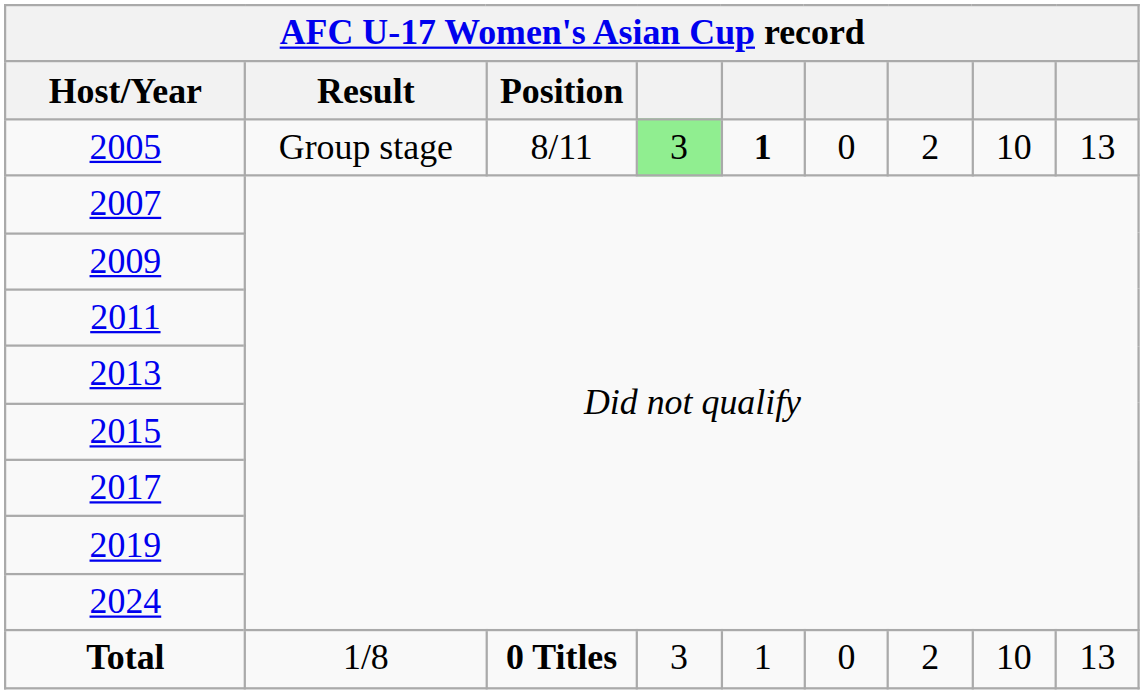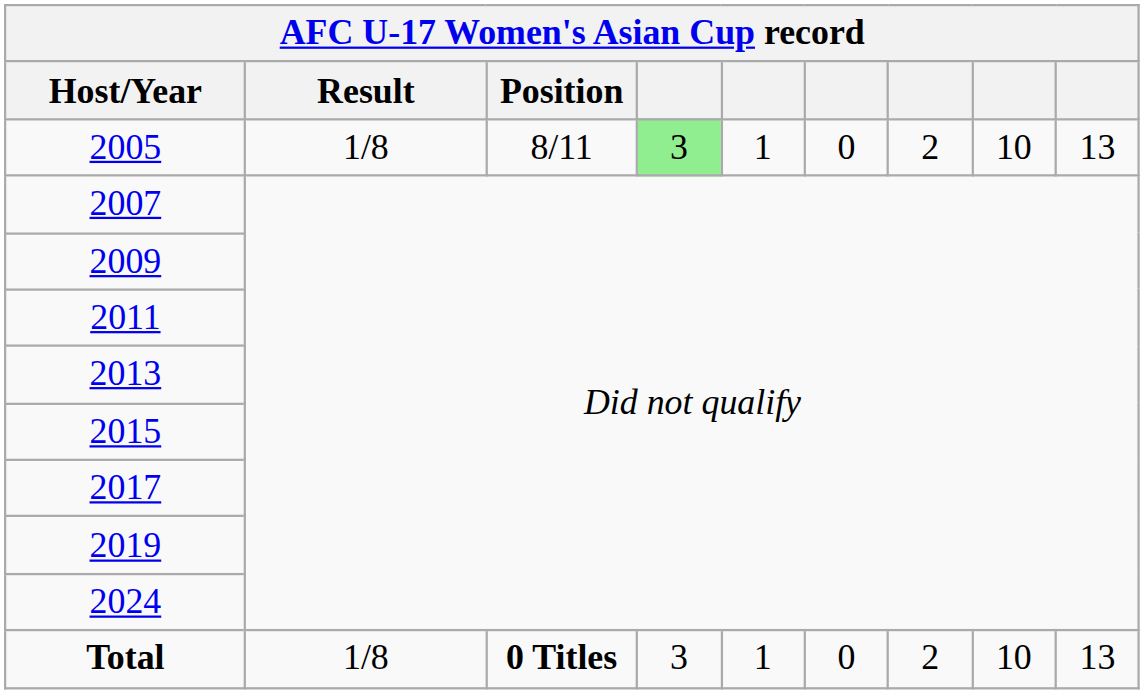 <table class="wikitable" style="text-align: center;">
 <tr>
 <th colspan=9 style="background:color: #0000FF;"><a href='#'>AFC U-17 Women's Asian Cup</a> record</th>
 </tr>
 <tr>
 <th style="width:100px;">Host/Year</th>
 <th style="width:100px;">Result</th>
 <th style="width:60px;">Position</th>
 <th style="width:30px;"></th>
 <th style="width:30px;"></th>
 <th style="width:30px;"></th>
 <th style="width:30px;"></th>
 <th style="width:30px;"></th>
 <th style="width:30px;"></th>
 </tr>
 <tr>
 <td> <a href='#'>2005</a></td>
-<td>Group stage</td>
+<td>1/8</td>
 <td>8/11</td>
 <td style="background: lightgreen;">3</td>
-<td><strong>1</strong></td>
+<td>1</td>
 <td>0</td>
 <td>2</td>
 <td>10</td>
 <td>13</td>
 </tr>
 <tr>
 <td> <a href='#'>2007</a></td>
 <td rowspan=8 colspan=8><em>Did not qualify</em></td>
 </tr>
 <tr>
 <td> <a href='#'>2009</a></td>
 </tr>
 <tr>
 <td> <a href='#'>2011</a></td>
 </tr>
 <tr>
 <td> <a href='#'>2013</a></td>
 </tr>
 <tr>
 <td> <a href='#'>2015</a></td>
 </tr>
 <tr>
 <td> <a href='#'>2017</a></td>
 </tr>
 <tr>
 <td> <a href='#'>2019</a></td>
 </tr>
 <tr>
 <td> <a href='#'>2024</a></td>
 </tr>
 <tr>
 <td><strong>Total</strong></td>
 <td>1/8</td>
 <td><strong>0 Titles</strong></td>
 <td>3</td>
 <td>1</td>
 <td>0</td>
 <td>2</td>
 <td>10</td>
 <td>13</td>
 </tr>
 </table>
